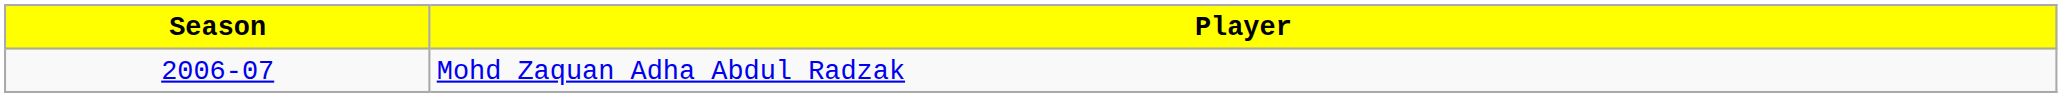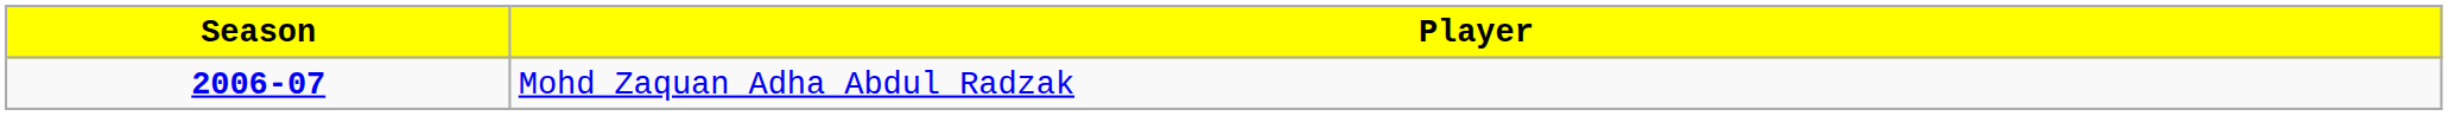 <table class="wikitable" style=width:50%>
 <tr>
 <th style="background:yellow; color:black; text-align:center;">Season</th>
 <th style="background:yellow; color:black; text-align:center;">Player</th>
 </tr>
 <tr>
-<td align="center"><a href='#'>2006-07</a></td>
+<td align="center"><strong><a href='#'>2006-07</a></strong></td>
 <td> <a href='#'>Mohd Zaquan Adha Abdul Radzak</a></td>
 </tr>
 </table>
